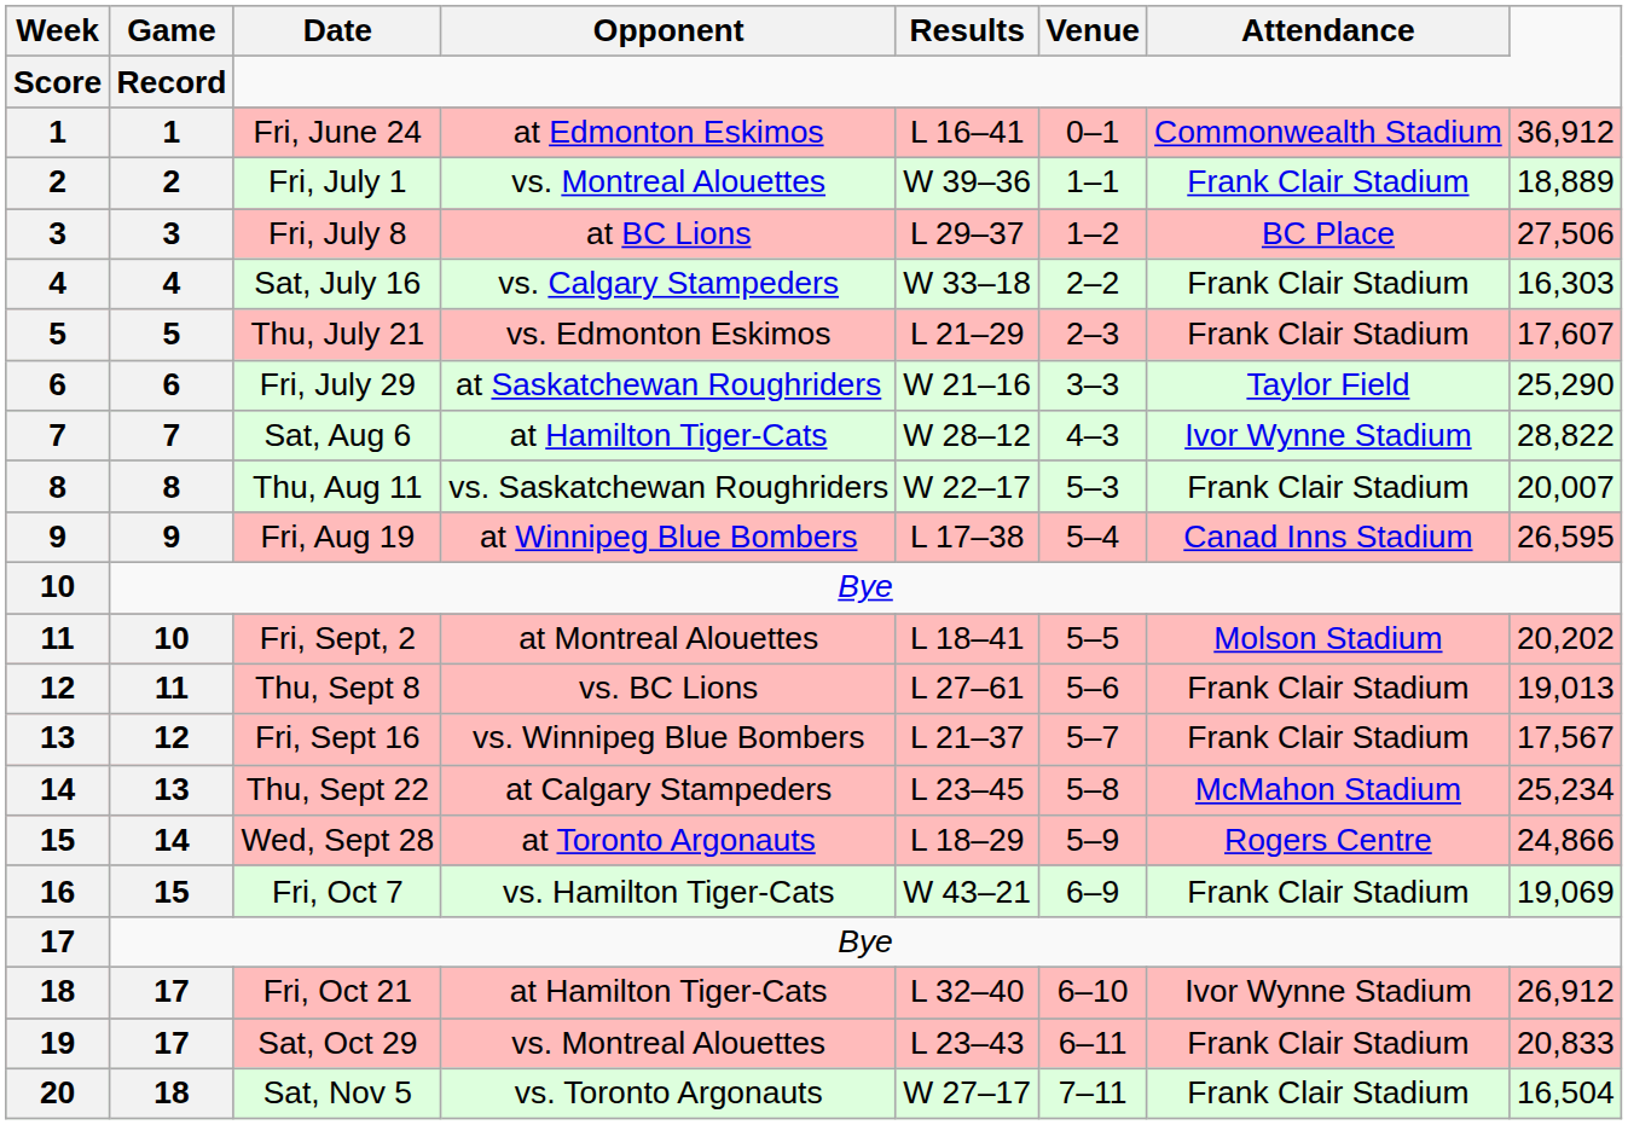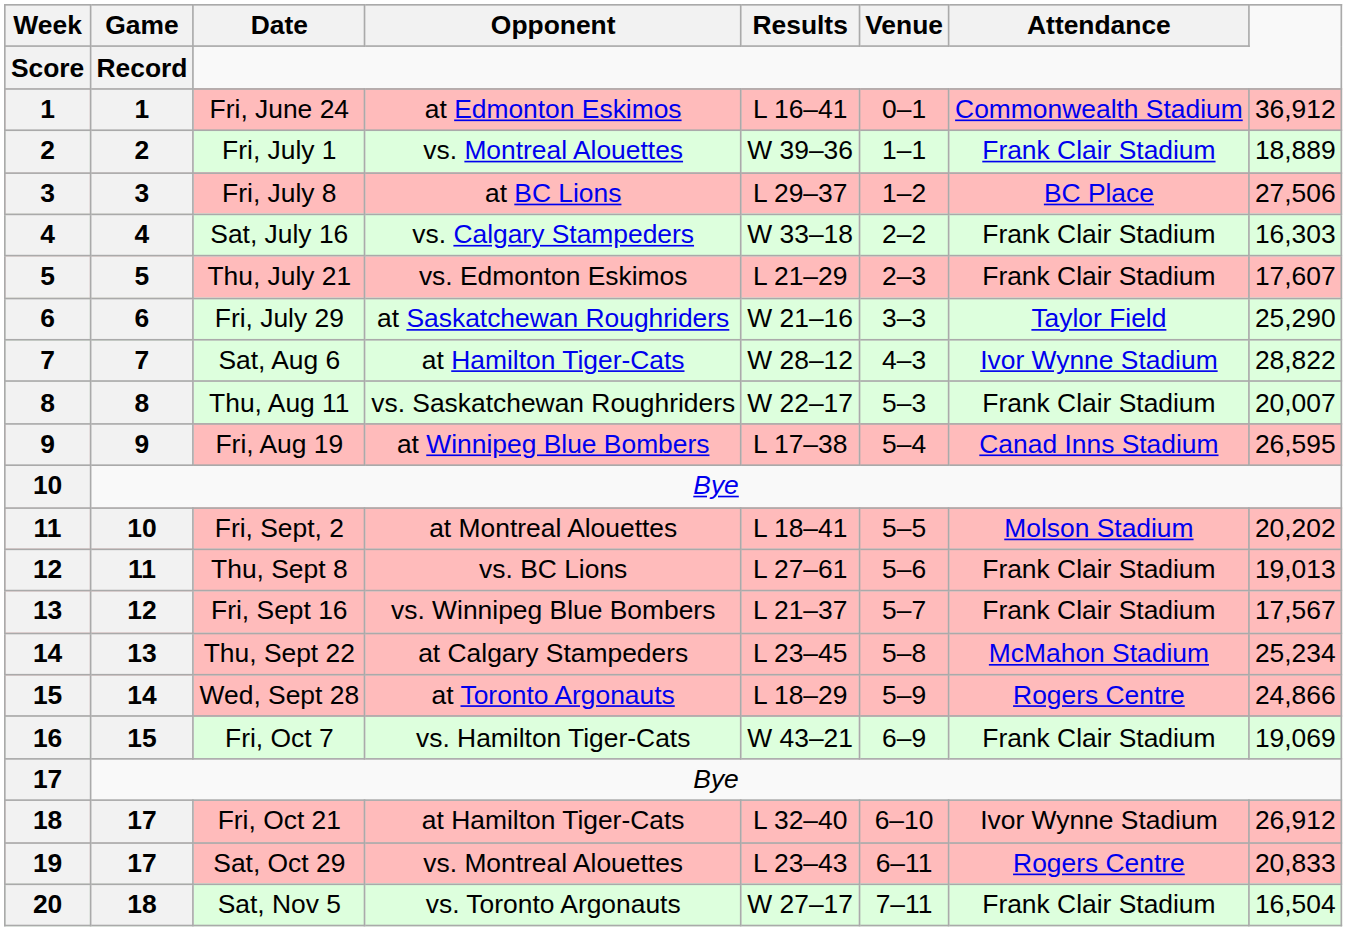 <table class="wikitable" style="text-align:center">
 <tr>
 <th>Week</th>
 <th>Game</th>
 <th>Date</th>
 <th>Opponent</th>
 <th>Results</th>
 <th>Venue</th>
 <th>Attendance</th>
 </tr>
 <tr>
 <th>Score</th>
 <th>Record</th>
 </tr>
 <tr style="background:#ffbbbb">
 <th>1</th>
 <th>1</th>
 <td>Fri, June 24</td>
 <td>at <a href='#'>Edmonton Eskimos</a></td>
 <td>L 16–41</td>
 <td>0–1</td>
 <td><a href='#'>Commonwealth Stadium</a></td>
 <td>36,912</td>
 </tr>
 <tr style="background:#ddffdd">
 <th>2</th>
 <th>2</th>
 <td>Fri, July 1</td>
 <td>vs. <a href='#'>Montreal Alouettes</a></td>
 <td>W 39–36 </td>
 <td>1–1</td>
 <td><a href='#'>Frank Clair Stadium</a></td>
 <td>18,889</td>
 </tr>
 <tr style="background:#ffbbbb">
 <th>3</th>
 <th>3</th>
 <td>Fri, July 8</td>
 <td>at <a href='#'>BC Lions</a></td>
 <td>L 29–37</td>
 <td>1–2</td>
 <td><a href='#'>BC Place</a></td>
 <td>27,506</td>
 </tr>
 <tr style="background:#ddffdd">
 <th>4</th>
 <th>4</th>
 <td>Sat, July 16</td>
 <td>vs. <a href='#'>Calgary Stampeders</a></td>
 <td>W 33–18</td>
 <td>2–2</td>
 <td>Frank Clair Stadium</td>
 <td>16,303</td>
 </tr>
 <tr style="background:#ffbbbb">
 <th>5</th>
 <th>5</th>
 <td>Thu, July 21</td>
 <td>vs. Edmonton Eskimos</td>
 <td>L 21–29</td>
 <td>2–3</td>
 <td>Frank Clair Stadium</td>
 <td>17,607</td>
 </tr>
 <tr style="background:#ddffdd">
 <th>6</th>
 <th>6</th>
 <td>Fri, July 29</td>
 <td>at <a href='#'>Saskatchewan Roughriders</a></td>
 <td>W 21–16</td>
 <td>3–3</td>
 <td><a href='#'>Taylor Field</a></td>
 <td>25,290</td>
 </tr>
 <tr style="background:#ddffdd">
 <th>7</th>
 <th>7</th>
 <td>Sat, Aug 6</td>
 <td>at <a href='#'>Hamilton Tiger-Cats</a></td>
 <td>W 28–12</td>
 <td>4–3</td>
 <td><a href='#'>Ivor Wynne Stadium</a></td>
 <td>28,822</td>
 </tr>
 <tr style="background:#ddffdd">
 <th>8</th>
 <th>8</th>
 <td>Thu, Aug 11</td>
 <td>vs. Saskatchewan Roughriders</td>
 <td>W 22–17</td>
 <td>5–3</td>
 <td>Frank Clair Stadium</td>
 <td>20,007</td>
 </tr>
 <tr style="background:#ffbbbb">
 <th>9</th>
 <th>9</th>
 <td>Fri, Aug 19</td>
 <td>at <a href='#'>Winnipeg Blue Bombers</a></td>
 <td>L 17–38</td>
 <td>5–4</td>
 <td><a href='#'>Canad Inns Stadium</a></td>
 <td>26,595</td>
 </tr>
 <tr>
 <th>10</th>
 <td colspan=7><em><a href='#'>Bye</a></em></td>
 </tr>
 <tr style="background:#ffbbbb">
 <th>11</th>
 <th>10</th>
 <td>Fri, Sept, 2</td>
 <td>at Montreal Alouettes</td>
 <td>L 18–41</td>
 <td>5–5</td>
 <td><a href='#'>Molson Stadium</a></td>
 <td>20,202</td>
 </tr>
 <tr style="background:#ffbbbb">
 <th>12</th>
 <th>11</th>
 <td>Thu, Sept 8</td>
 <td>vs. BC Lions</td>
 <td>L 27–61</td>
 <td>5–6</td>
 <td>Frank Clair Stadium</td>
 <td>19,013</td>
 </tr>
 <tr style="background:#ffbbbb">
 <th>13</th>
 <th>12</th>
 <td>Fri, Sept 16</td>
 <td>vs. Winnipeg Blue Bombers</td>
 <td>L 21–37</td>
 <td>5–7</td>
 <td>Frank Clair Stadium</td>
 <td>17,567</td>
 </tr>
 <tr style="background:#ffbbbb">
 <th>14</th>
 <th>13</th>
 <td>Thu, Sept 22</td>
 <td>at Calgary Stampeders</td>
 <td>L 23–45</td>
 <td>5–8</td>
 <td><a href='#'>McMahon Stadium</a></td>
 <td>25,234</td>
 </tr>
 <tr style="background:#ffbbbb">
 <th>15</th>
 <th>14</th>
 <td>Wed, Sept 28</td>
 <td>at <a href='#'>Toronto Argonauts</a></td>
 <td>L 18–29</td>
 <td>5–9</td>
 <td><a href='#'>Rogers Centre</a></td>
 <td>24,866</td>
 </tr>
 <tr style="background:#ddffdd">
 <th>16</th>
 <th>15</th>
 <td>Fri, Oct 7</td>
 <td>vs. Hamilton Tiger-Cats</td>
 <td>W 43–21</td>
 <td>6–9</td>
 <td>Frank Clair Stadium</td>
 <td>19,069</td>
 </tr>
 <tr>
 <th>17</th>
 <td colspan=7><em>Bye</em></td>
 </tr>
 <tr style="background:#ffbbbb">
 <th>18</th>
 <th>17</th>
 <td>Fri, Oct 21</td>
 <td>at Hamilton Tiger-Cats</td>
 <td>L 32–40</td>
 <td>6–10</td>
 <td>Ivor Wynne Stadium</td>
 <td>26,912</td>
 </tr>
 <tr style="background:#ffbbbb">
 <th>19</th>
 <th>17</th>
 <td>Sat, Oct 29</td>
 <td>vs. Montreal Alouettes</td>
 <td>L 23–43</td>
 <td>6–11</td>
-<td>Frank Clair Stadium</td>
+<td><a href='#'>Rogers Centre</a></td>
 <td>20,833</td>
 </tr>
 <tr style="background:#ddffdd">
 <th>20</th>
 <th>18</th>
 <td>Sat, Nov 5</td>
 <td>vs. Toronto Argonauts</td>
 <td>W 27–17</td>
 <td>7–11</td>
 <td>Frank Clair Stadium</td>
 <td>16,504</td>
 </tr>
 </table>
